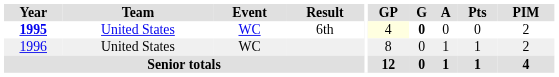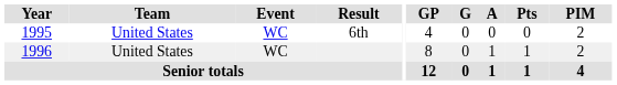 <table border="0" cellpadding="1" cellspacing="0" ID="Table3" style="text-align:center; width:40em">
 <tr bgcolor="#e0e0e0">
 <th>Year</th>
 <th>Team</th>
 <th>Event</th>
 <th>Result</th>
 <th rowspan="99" bgcolor="#ffffff"></th>
 <th>GP</th>
 <th>G</th>
 <th>A</th>
 <th>Pts</th>
 <th>PIM</th>
 </tr>
 <tr>
-<td><strong><a href='#'>1995</a></strong></td>
+<td><a href='#'>1995</a></td>
 <td><a href='#'>United States</a></td>
 <td><a href='#'>WC</a></td>
 <td>6th</td>
-<td style="background: lightyellow;">4</td>
-<td><strong>0</strong></td>
+<td>4</td>
+<td>0</td>
 <td>0</td>
 <td>0</td>
 <td>2</td>
 </tr>
 <tr bgcolor="#f0f0f0">
 <td><a href='#'>1996</a></td>
 <td>United States</td>
 <td>WC</td>
 <td></td>
 <td>8</td>
 <td>0</td>
 <td>1</td>
 <td>1</td>
 <td>2</td>
 </tr>
 <tr bgcolor="#e0e0e0">
 <th colspan="4">Senior totals</th>
 <th>12</th>
 <th>0</th>
 <th>1</th>
 <th>1</th>
 <th>4</th>
 </tr>
 </table>
